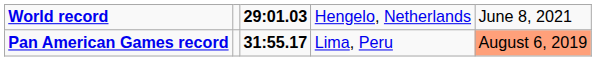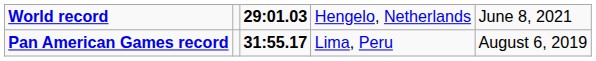 <table class="wikitable">
 <tr>
 <td><strong><a href='#'>World record</a></strong></td>
 <td></td>
 <td><strong>29:01.03</strong></td>
 <td><a href='#'>Hengelo</a>, <a href='#'>Netherlands</a></td>
 <td>June 8, 2021</td>
 </tr>
 <tr>
 <td><strong><a href='#'>Pan American Games record</a></strong></td>
 <td></td>
 <td><strong>31:55.17</strong></td>
 <td><a href='#'>Lima</a>, <a href='#'>Peru</a></td>
-<td style="background: lightsalmon;">August 6, 2019</td>
+<td>August 6, 2019</td>
 </tr>
 </table>
